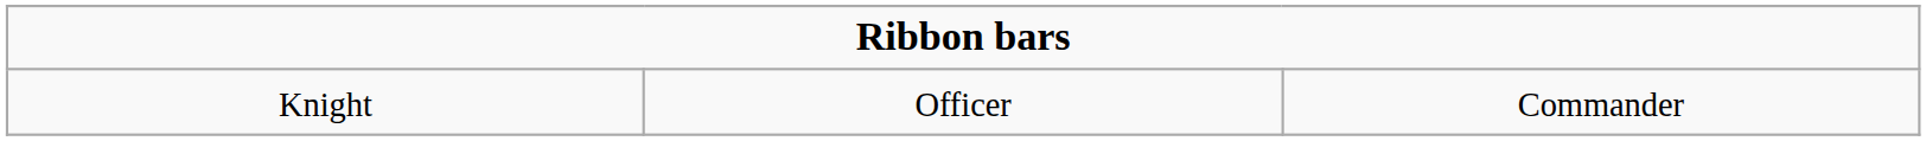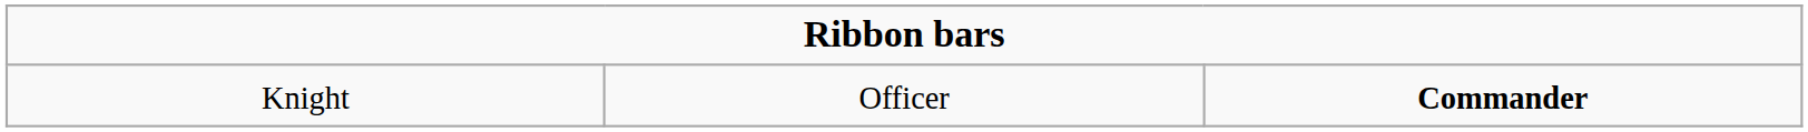 <table class="wikitable" style="margin:1em auto; text-align:center; width:60%;">
 <tr>
 <td colspan=3><strong>Ribbon bars</strong></td>
 </tr>
 <tr style="vertical-align:top;">
 <td width=20%><small>Knight</small></td>
 <td width=20%><small>Officer</small></td>
-<td width=20%><small>Commander</small></td>
+<td width=20%><strong><small>Commander</small></strong></td>
 </tr>
 </table>
